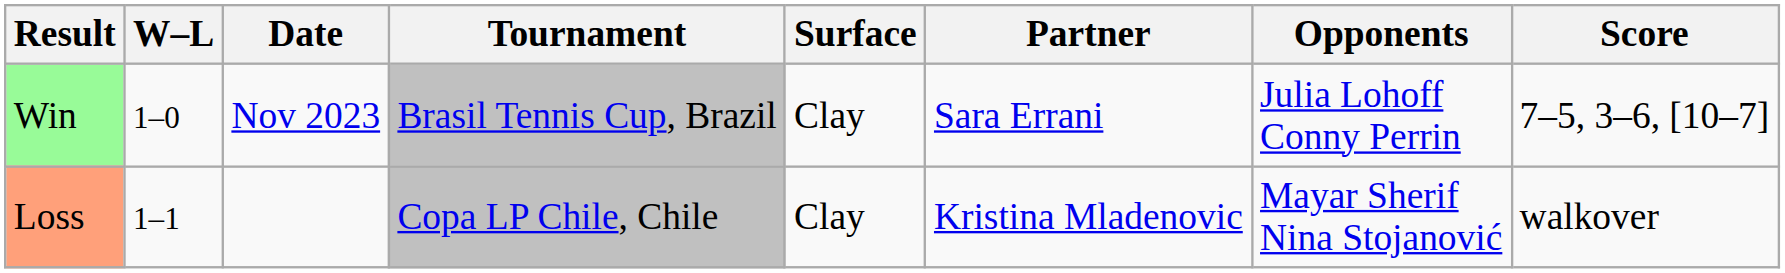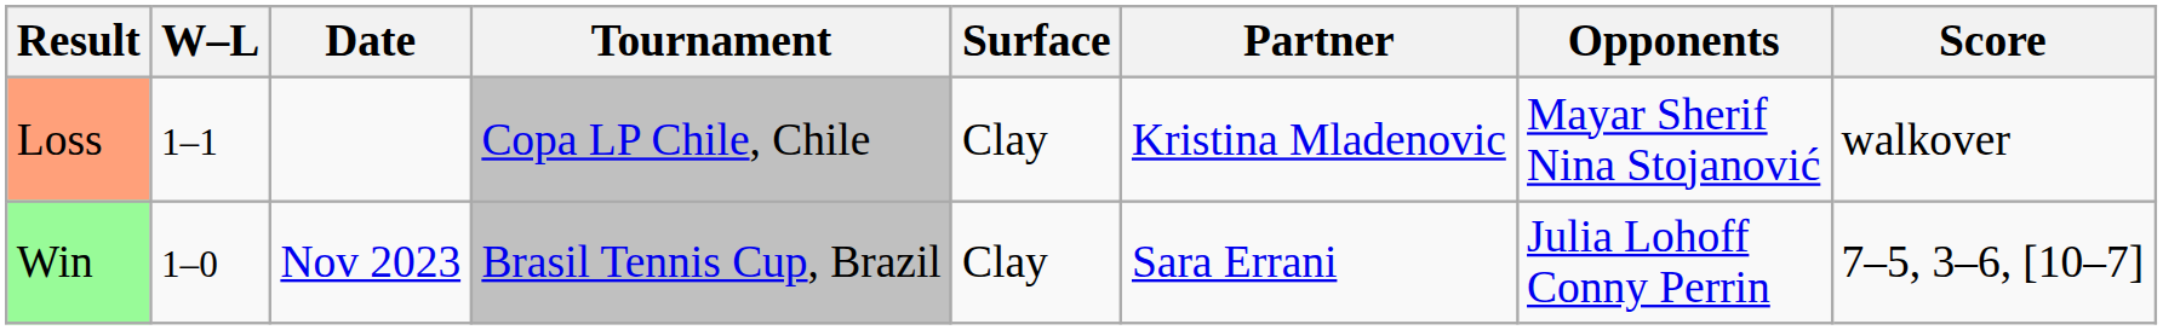 <table class="sortable wikitable">
 <tr>
 <th>Result</th>
 <th>W–L</th>
 <th>Date</th>
 <th>Tournament</th>
 <th>Surface</th>
 <th>Partner</th>
 <th>Opponents</th>
 <th class="unsortable">Score</th>
 </tr>
 <tr>
+<td style="background:#ffa07a;">Loss</td>
+<td><small>1–1</small></td>
+<td><a href='#'></a></td>
+<td style="background:silver;"><a href='#'>Copa LP Chile</a>, Chile</td>
+<td>Clay</td>
+<td> <a href='#'>Kristina Mladenovic</a></td>
+<td> <a href='#'>Mayar Sherif</a> <br>  <a href='#'>Nina Stojanović</a></td>
+<td>walkover</td>
+</tr>
+<tr>
 <td style="background:#98fb98;">Win</td>
 <td><small>1–0</small></td>
 <td><a href='#'>Nov 2023</a></td>
 <td style="background:silver;"><a href='#'>Brasil Tennis Cup</a>, Brazil</td>
 <td>Clay</td>
 <td> <a href='#'>Sara Errani</a></td>
 <td> <a href='#'>Julia Lohoff</a> <br>  <a href='#'>Conny Perrin</a></td>
 <td>7–5, 3–6, [10–7]</td>
 </tr>
-<tr>
-<td style="background:#ffa07a;">Loss</td>
-<td><small>1–1</small></td>
-<td><a href='#'></a></td>
-<td style="background:silver;"><a href='#'>Copa LP Chile</a>, Chile</td>
-<td>Clay</td>
-<td> <a href='#'>Kristina Mladenovic</a></td>
-<td> <a href='#'>Mayar Sherif</a> <br>  <a href='#'>Nina Stojanović</a></td>
-<td>walkover</td>
-</tr>
 </table>
